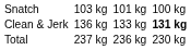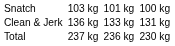 <table>
 <tr>
 <td>Snatch</td>
 <td></td>
 <td>103 kg</td>
 <td></td>
 <td>101 kg</td>
 <td></td>
 <td>100 kg</td>
 </tr>
 <tr>
 <td>Clean & Jerk</td>
 <td></td>
 <td>136 kg</td>
 <td></td>
 <td>133 kg</td>
 <td></td>
-<td><strong>131 kg</strong></td>
+<td>131 kg</td>
 </tr>
 <tr>
 <td>Total</td>
 <td></td>
 <td>237 kg</td>
 <td></td>
 <td>236 kg</td>
 <td></td>
 <td>230 kg</td>
 </tr>
 </table>
